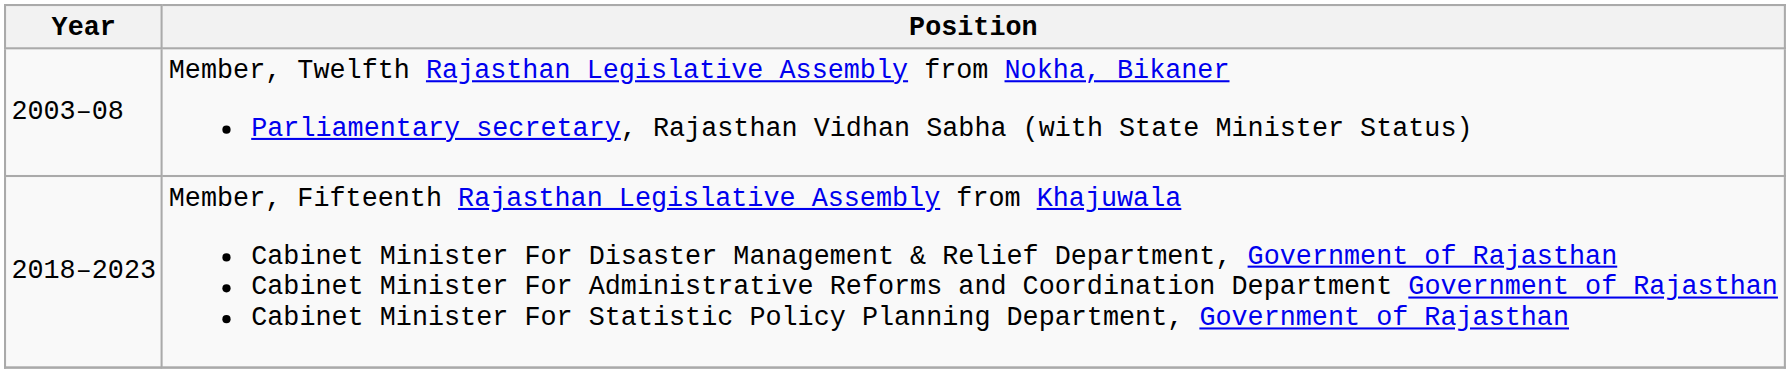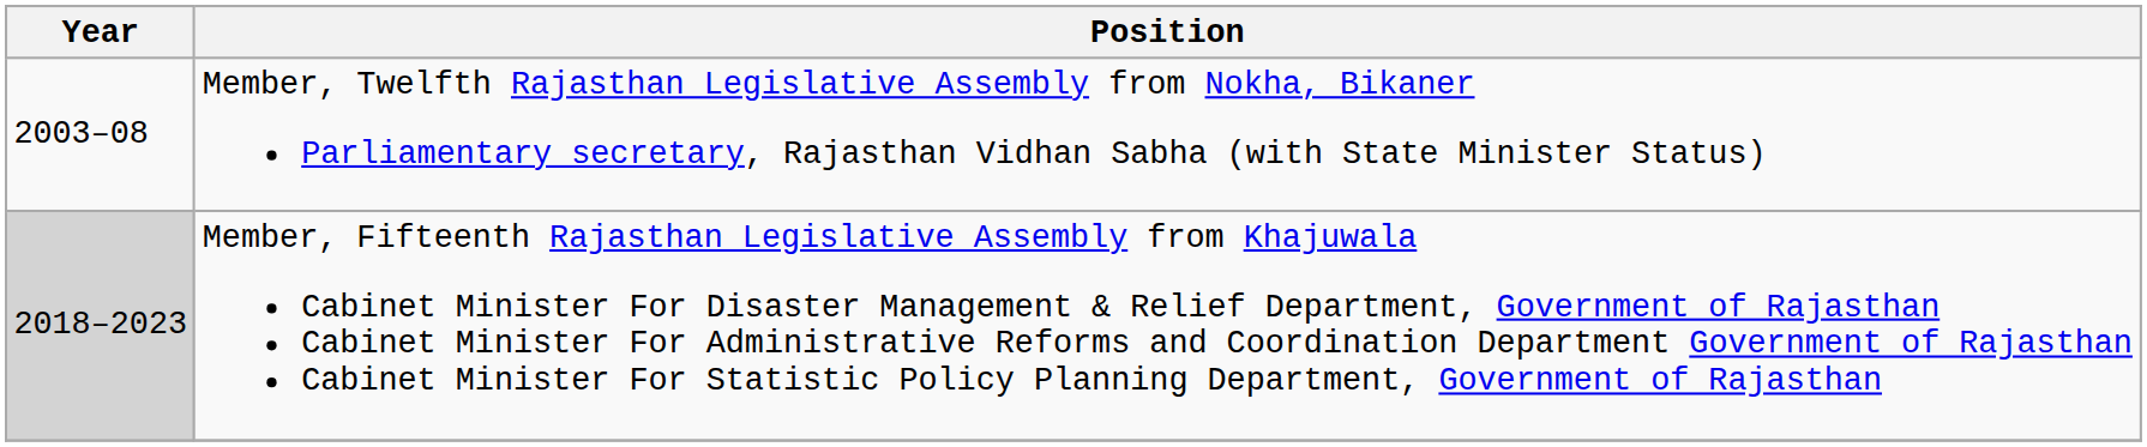 <table class="wikitable">
 <tr>
 <th>Year</th>
 <th>Position</th>
 </tr>
 <tr>
 <td>2003–08</td>
 <td>Member, Twelfth <a href='#'>Rajasthan Legislative Assembly</a> from <a href='#'>Nokha, Bikaner</a><br><ul><li><a href='#'>Parliamentary secretary</a>, Rajasthan Vidhan Sabha (with State Minister Status)</li></ul></td>
 </tr>
 <tr>
-<td>2018–2023</td>
+<td style="background: lightgrey;">2018–2023</td>
 <td>Member, Fifteenth <a href='#'>Rajasthan Legislative Assembly</a> from <a href='#'>Khajuwala</a><br><ul><li>Cabinet Minister For Disaster Management & Relief Department, <a href='#'>Government of Rajasthan</a></li><li>Cabinet Minister For Administrative Reforms and Coordination Department <a href='#'>Government of Rajasthan</a></li><li>Cabinet Minister For Statistic Policy Planning Department, <a href='#'>Government of Rajasthan</a></li></ul></td>
 </tr>
 <tr>
 </tr>
 </table>
